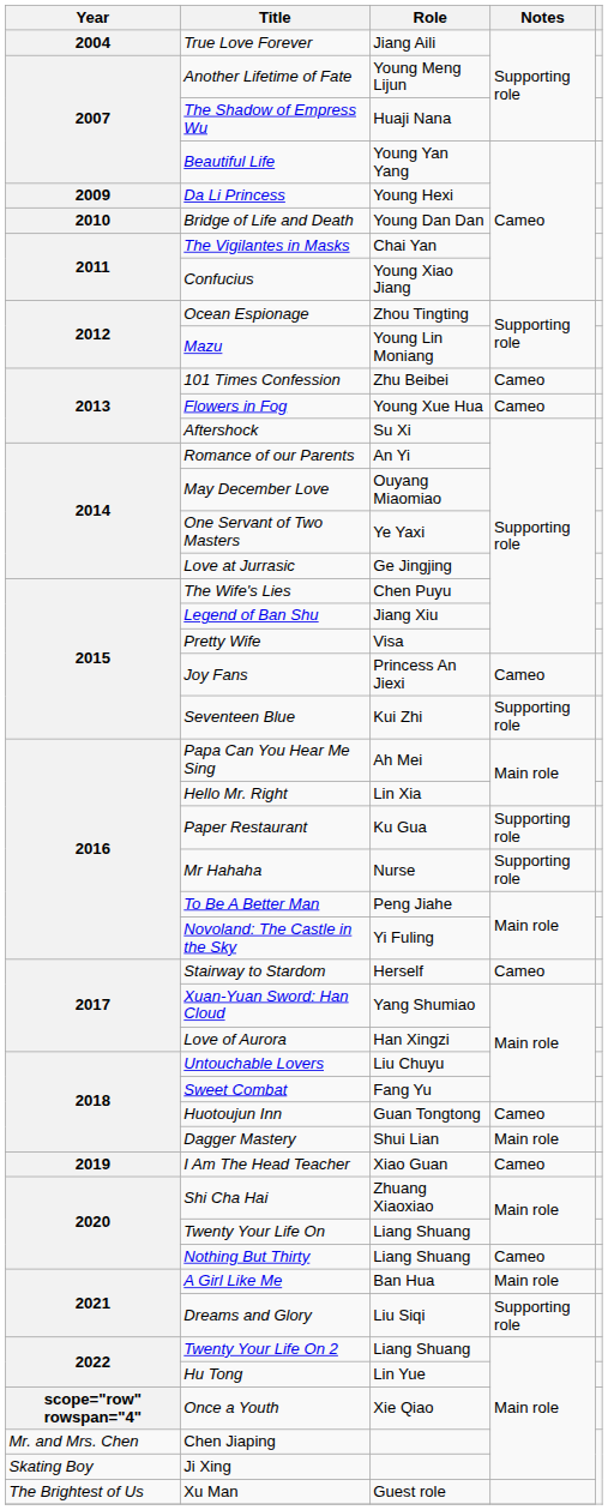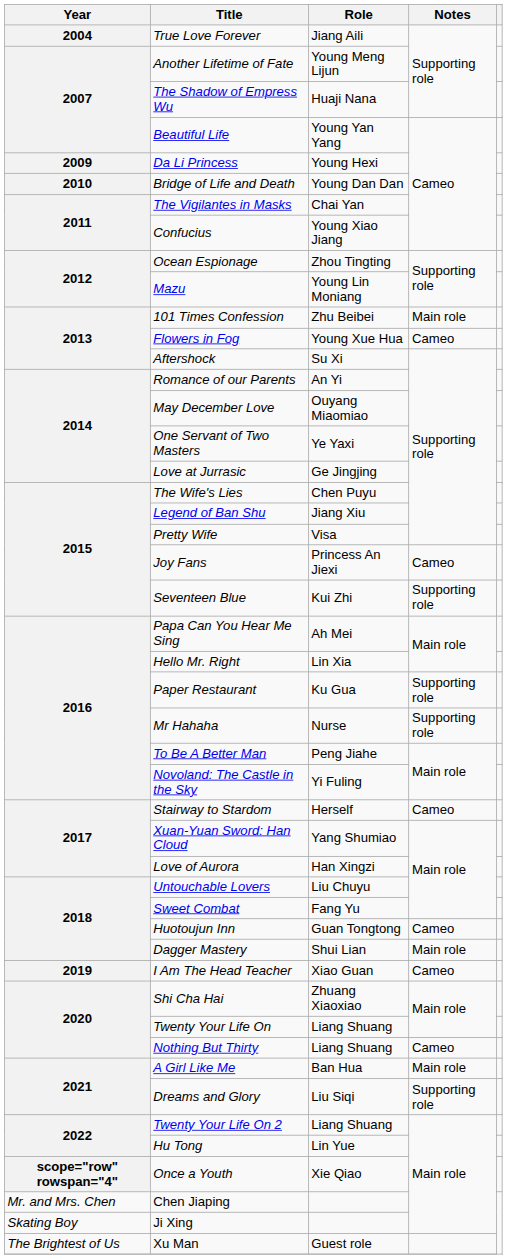 <table class="wikitable sortable plainrowheaders">
 <tr>
 <th scope="col">Year</th>
 <th scope="col">Title</th>
 <th scope="col">Role</th>
 <th scope="col">Notes</th>
 <th scope="col" class="unsortable"></th>
 </tr>
 <tr>
 <th scope=row>2004</th>
 <td><em>True Love Forever</em></td>
 <td>Jiang Aili</td>
 <td rowspan="3">Supporting role</td>
 <td></td>
 </tr>
 <tr>
 <th scope="row" rowspan="3">2007</th>
 <td><em>Another Lifetime of Fate</em></td>
 <td>Young Meng Lijun</td>
 <td></td>
 </tr>
 <tr>
 <td><em><a href='#'>The Shadow of Empress Wu</a></em></td>
 <td>Huaji Nana</td>
 <td></td>
 </tr>
 <tr>
 <td><em><a href='#'>Beautiful Life</a></em></td>
 <td>Young Yan Yang</td>
 <td rowspan="5">Cameo</td>
 <td></td>
 </tr>
 <tr>
 <th scope="row">2009</th>
 <td><em><a href='#'>Da Li Princess</a></em></td>
 <td>Young Hexi</td>
 <td></td>
 </tr>
 <tr>
 <th scope="row">2010</th>
 <td><em>Bridge of Life and Death</em></td>
 <td>Young Dan Dan</td>
 <td></td>
 </tr>
 <tr>
 <th scope="row" rowspan="2">2011</th>
 <td><em><a href='#'>The Vigilantes in Masks</a></em></td>
 <td>Chai Yan</td>
 <td></td>
 </tr>
 <tr>
 <td><em>Confucius</em></td>
 <td>Young Xiao Jiang</td>
 <td></td>
 </tr>
 <tr>
 <th scope="row" rowspan="2">2012</th>
 <td><em>Ocean Espionage</em></td>
 <td>Zhou Tingting</td>
 <td rowspan="2">Supporting role</td>
 <td></td>
 </tr>
 <tr>
 <td><em><a href='#'>Mazu</a></em></td>
 <td>Young Lin Moniang</td>
 <td></td>
 </tr>
 <tr>
 <th scope="row" rowspan="3">2013</th>
 <td><em>101 Times Confession</em></td>
 <td>Zhu Beibei</td>
-<td>Cameo</td>
+<td>Main role</td>
 <td></td>
 </tr>
 <tr>
 <td><em><a href='#'>Flowers in Fog</a></em></td>
 <td>Young Xue Hua</td>
 <td>Cameo</td>
 <td></td>
 </tr>
 <tr>
 <td><em>Aftershock</em></td>
 <td>Su Xi</td>
 <td rowspan="8">Supporting role</td>
 <td></td>
 </tr>
 <tr>
 <th scope="row" rowspan="4">2014</th>
 <td><em>Romance of our Parents</em></td>
 <td>An Yi</td>
 <td></td>
 </tr>
 <tr>
 <td><em>May December Love</em></td>
 <td>Ouyang Miaomiao</td>
 <td></td>
 </tr>
 <tr>
 <td><em>One Servant of Two Masters</em></td>
 <td>Ye Yaxi</td>
 <td></td>
 </tr>
 <tr>
 <td><em>Love at Jurrasic</em></td>
 <td>Ge Jingjing</td>
 <td></td>
 </tr>
 <tr>
 <th scope="row" rowspan="5">2015</th>
 <td><em>The Wife's Lies</em></td>
 <td>Chen Puyu</td>
 <td></td>
 </tr>
 <tr>
 <td><em><a href='#'>Legend of Ban Shu</a></em></td>
 <td>Jiang Xiu</td>
 <td></td>
 </tr>
 <tr>
 <td><em>Pretty Wife</em></td>
 <td>Visa</td>
 <td></td>
 </tr>
 <tr>
 <td><em>Joy Fans</em></td>
 <td>Princess An Jiexi</td>
 <td>Cameo</td>
 <td></td>
 </tr>
 <tr>
 <td><em>Seventeen Blue</em></td>
 <td>Kui Zhi</td>
 <td>Supporting role</td>
 <td></td>
 </tr>
 <tr>
 <th scope="row" rowspan="6">2016</th>
 <td><em>Papa Can You Hear Me Sing</em></td>
 <td>Ah Mei</td>
 <td rowspan="2">Main role</td>
 <td></td>
 </tr>
 <tr>
 <td><em>Hello Mr. Right</em></td>
 <td>Lin Xia</td>
 <td></td>
 </tr>
 <tr>
 <td><em>Paper Restaurant</em></td>
 <td>Ku Gua</td>
 <td>Supporting role</td>
 <td></td>
 </tr>
 <tr>
 <td><em>Mr Hahaha</em></td>
 <td>Nurse</td>
 <td>Supporting role</td>
 <td></td>
 </tr>
 <tr>
 <td><em><a href='#'>To Be A Better Man</a></em></td>
 <td>Peng Jiahe</td>
 <td rowspan="2">Main role</td>
 <td></td>
 </tr>
 <tr>
 <td><em><a href='#'>Novoland: The Castle in the Sky</a></em></td>
 <td>Yi Fuling</td>
 <td></td>
 </tr>
 <tr>
 <th scope="row" rowspan="3">2017</th>
 <td><em>Stairway to Stardom</em></td>
 <td>Herself</td>
 <td>Cameo</td>
 <td></td>
 </tr>
 <tr>
 <td><em><a href='#'>Xuan-Yuan Sword: Han Cloud</a></em></td>
 <td>Yang Shumiao</td>
 <td rowspan="4">Main role</td>
 <td></td>
 </tr>
 <tr>
 <td><em>Love of Aurora</em></td>
 <td>Han Xingzi</td>
 <td></td>
 </tr>
 <tr>
 <th scope="row" rowspan="4">2018</th>
 <td><em><a href='#'>Untouchable Lovers</a></em></td>
 <td>Liu Chuyu</td>
 <td></td>
 </tr>
 <tr>
 <td><em><a href='#'>Sweet Combat</a></em></td>
 <td>Fang Yu</td>
 <td></td>
 </tr>
 <tr>
 <td><em>Huotoujun Inn</em></td>
 <td>Guan Tongtong</td>
 <td>Cameo</td>
 <td></td>
 </tr>
 <tr>
 <td><em>Dagger Mastery</em></td>
 <td>Shui Lian</td>
 <td>Main role</td>
 <td></td>
 </tr>
 <tr>
 <th scope="row">2019</th>
 <td><em>I Am The Head Teacher</em></td>
 <td>Xiao Guan</td>
 <td>Cameo</td>
 <td></td>
 </tr>
 <tr>
 <th scope="row" rowspan="3">2020</th>
 <td><em>Shi Cha Hai</em></td>
 <td>Zhuang Xiaoxiao</td>
 <td rowspan="2">Main role</td>
 <td></td>
 </tr>
 <tr>
 <td><em>Twenty Your Life On</em></td>
 <td>Liang Shuang</td>
 <td></td>
 </tr>
 <tr>
 <td><em><a href='#'>Nothing But Thirty</a></em></td>
 <td>Liang Shuang</td>
 <td>Cameo</td>
 <td></td>
 </tr>
 <tr>
 <th scope="row" rowspan="2">2021</th>
 <td><em><a href='#'>A Girl Like Me</a></em></td>
 <td>Ban Hua</td>
 <td>Main role</td>
 <td></td>
 </tr>
 <tr>
 <td><em>Dreams and Glory</em></td>
 <td>Liu Siqi</td>
 <td>Supporting role</td>
 <td></td>
 </tr>
 <tr>
 <th scope="row" rowspan="2">2022</th>
 <td><em><a href='#'>Twenty Your Life On 2</a></em></td>
 <td>Liang Shuang</td>
 <td rowspan="5">Main role</td>
 <td></td>
 </tr>
 <tr>
 <td><em>Hu Tong</em></td>
 <td>Lin Yue</td>
 <td></td>
 </tr>
 <tr>
 <th>scope="row" rowspan="4" </th>
 <td><em>Once a Youth</em></td>
 <td>Xie Qiao</td>
 <td></td>
 </tr>
 <tr>
 <td><em>Mr. and Mrs. Chen</em></td>
 <td>Chen Jiaping</td>
 <td></td>
 </tr>
 <tr>
 <td><em>Skating Boy</em></td>
 <td>Ji Xing</td>
 <td></td>
 </tr>
 <tr>
 <td><em>The Brightest of Us</em></td>
 <td>Xu Man</td>
 <td>Guest role</td>
 <td></td>
 </tr>
 <tr>
 </tr>
 </table>
